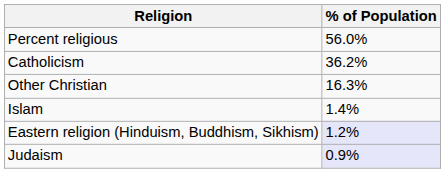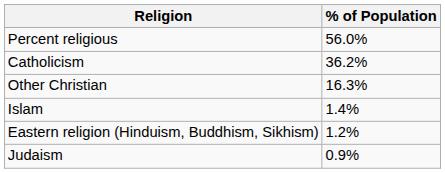 <table class="wikitable floatright">
 <tr>
 <th>Religion</th>
 <th>% of Population</th>
 </tr>
 <tr>
 <td>Percent religious</td>
 <td>56.0%</td>
 </tr>
 <tr>
 <td>Catholicism</td>
 <td>36.2%</td>
 </tr>
 <tr>
 <td>Other Christian</td>
 <td>16.3%</td>
 </tr>
 <tr>
 <td>Islam</td>
 <td>1.4%</td>
 </tr>
 <tr>
 <td>Eastern religion (Hinduism, Buddhism, Sikhism)</td>
-<td style="background: lavender;">1.2%</td>
+<td>1.2%</td>
 </tr>
 <tr>
 <td>Judaism</td>
-<td style="background: lavender;">0.9%</td>
+<td>0.9%</td>
 </tr>
 </table>
